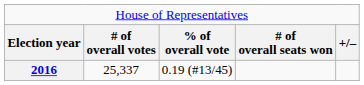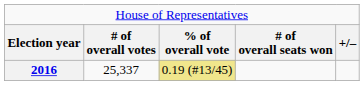 <table class=wikitable>
 <tr>
 <td colspan=5 align=center><a href='#'>House of Representatives</a></td>
 </tr>
 <tr>
 <th>Election year</th>
 <th># of<br>overall votes</th>
 <th>% of<br>overall vote</th>
 <th># of<br>overall seats won</th>
 <th>+/–</th>
 </tr>
 <tr>
 <th><a href='#'>2016</a></th>
 <td align=center>25,337</td>
-<td align=center>0.19 (#13/45)</td>
+<td align=center style="background: khaki;">0.19 (#13/45)</td>
 <td align=center></td>
 <td align=center></td>
 </tr>
 </table>
